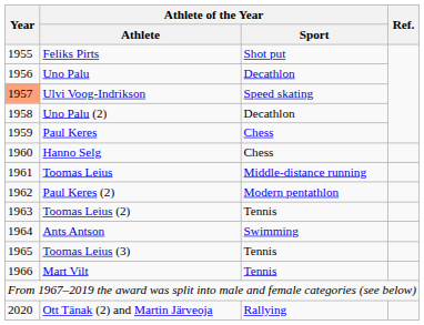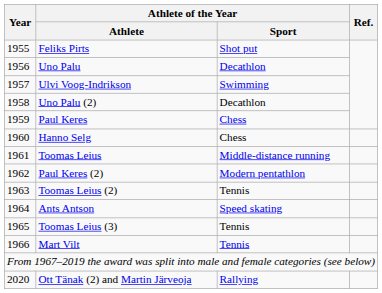 <table class="wikitable sortable">
 <tr>
 <th rowspan=2>Year</th>
 <th colspan=2 width=300>Athlete of the Year</th>
 <th rowspan=2 class="unsortable">Ref.</th>
 </tr>
 <tr>
 <th>Athlete</th>
 <th>Sport</th>
 </tr>
 <tr>
 <td>1955</td>
 <td><a href='#'>Feliks Pirts</a></td>
 <td><a href='#'>Shot put</a></td>
 </tr>
 <tr>
 <td>1956</td>
 <td><a href='#'>Uno Palu</a></td>
 <td><a href='#'>Decathlon</a></td>
 </tr>
 <tr>
-<td style="background: lightsalmon;">1957</td>
+<td>1957</td>
 <td><a href='#'>Ulvi Voog-Indrikson</a></td>
-<td><a href='#'>Speed skating</a></td>
+<td><a href='#'>Swimming</a></td>
 </tr>
 <tr>
 <td>1958</td>
 <td><a href='#'>Uno Palu</a> (2)</td>
 <td>Decathlon</td>
 </tr>
 <tr>
 <td>1959</td>
 <td><a href='#'>Paul Keres</a></td>
 <td><a href='#'>Chess</a></td>
 </tr>
 <tr>
 <td>1960</td>
 <td><a href='#'>Hanno Selg</a></td>
 <td>Chess</td>
 <td style="text-align:center;"></td>
 </tr>
 <tr>
 <td>1961</td>
 <td><a href='#'>Toomas Leius</a></td>
 <td><a href='#'>Middle-distance running</a></td>
 <td style="text-align:center;"></td>
 </tr>
 <tr>
 <td>1962</td>
 <td><a href='#'>Paul Keres</a> (2)</td>
 <td><a href='#'>Modern pentathlon</a></td>
 </tr>
 <tr>
 <td>1963</td>
 <td><a href='#'>Toomas Leius</a> (2)</td>
 <td>Tennis</td>
 <td style="text-align:center;"></td>
 </tr>
 <tr>
 <td>1964</td>
 <td><a href='#'>Ants Antson</a></td>
-<td><a href='#'>Swimming</a></td>
+<td><a href='#'>Speed skating</a></td>
 </tr>
 <tr>
 <td>1965</td>
 <td><a href='#'>Toomas Leius</a> (3)</td>
 <td>Tennis</td>
 <td style="text-align:center;"></td>
 </tr>
 <tr>
 <td>1966</td>
 <td><a href='#'>Mart Vilt</a></td>
 <td><a href='#'>Tennis</a></td>
 </tr>
 <tr>
 <td colspan=4 style="text-align:center;"><em>From 1967–2019 the award was split into male and female categories (see below)</em></td>
 </tr>
 <tr>
 <td>2020</td>
 <td><a href='#'>Ott Tänak</a> (2) and <a href='#'>Martin Järveoja</a></td>
 <td><a href='#'>Rallying</a></td>
 <td style="text-align:center;"></td>
 </tr>
 </table>
